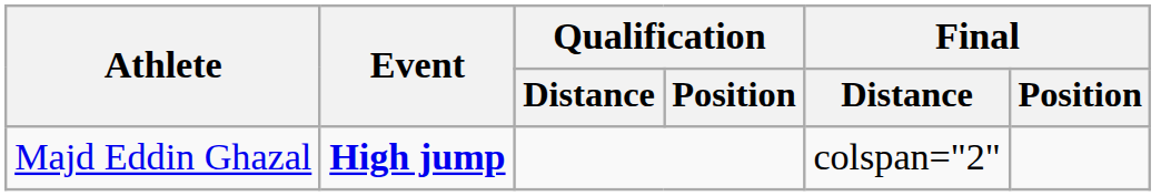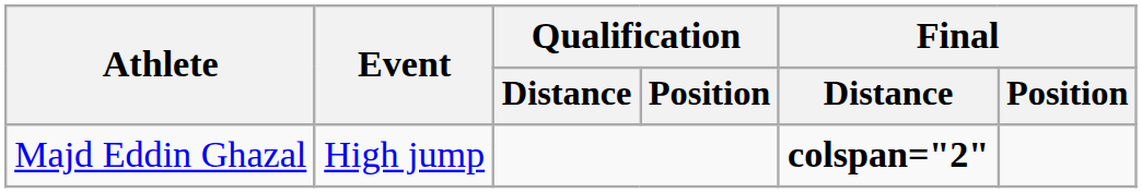 <table class=wikitable style="font-size:90%">
 <tr>
 <th rowspan="2">Athlete</th>
 <th rowspan="2">Event</th>
 <th colspan="2">Qualification</th>
 <th colspan="2">Final</th>
 </tr>
 <tr style="font-size:95%">
 <th>Distance</th>
 <th>Position</th>
 <th>Distance</th>
 <th>Position</th>
 </tr>
 <tr style=text-align:center>
 <td style=text-align:left><a href='#'>Majd Eddin Ghazal</a></td>
-<td style=text-align:left><strong><a href='#'>High jump</a></strong></td>
+<td style=text-align:left><a href='#'>High jump</a></td>
 <td colspan="2"></td>
-<td>colspan="2" </td>
+<td><strong>colspan="2" </strong></td>
 </tr>
 </table>
